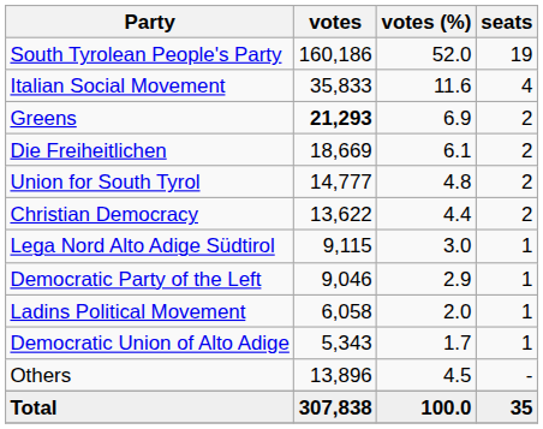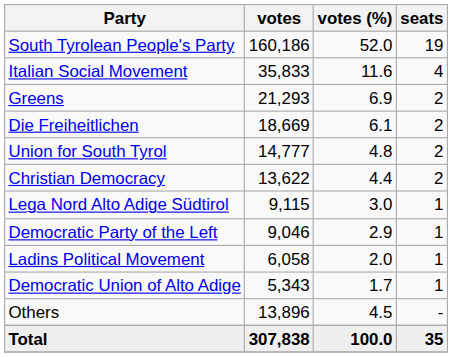 <table class="wikitable" style="font-size:95%">
 <tr bgcolor="EFEFEF">
 <th>Party</th>
 <th>votes</th>
 <th>votes (%)</th>
 <th>seats</th>
 </tr>
 <tr>
 <td><a href='#'>South Tyrolean People's Party</a></td>
 <td align=right>160,186</td>
 <td align=right>52.0</td>
 <td align=right>19</td>
 </tr>
 <tr>
 <td><a href='#'>Italian Social Movement</a></td>
 <td align=right>35,833</td>
 <td align=right>11.6</td>
 <td align=right>4</td>
 </tr>
 <tr>
 <td><a href='#'>Greens</a></td>
-<td align=right><strong>21,293</strong></td>
+<td align=right>21,293</td>
 <td align=right>6.9</td>
 <td align=right>2</td>
 </tr>
 <tr>
 <td><a href='#'>Die Freiheitlichen</a></td>
 <td align=right>18,669</td>
 <td align=right>6.1</td>
 <td align=right>2</td>
 </tr>
 <tr>
 <td><a href='#'>Union for South Tyrol</a></td>
 <td align=right>14,777</td>
 <td align=right>4.8</td>
 <td align=right>2</td>
 </tr>
 <tr>
 <td><a href='#'>Christian Democracy</a></td>
 <td align=right>13,622</td>
 <td align=right>4.4</td>
 <td align=right>2</td>
 </tr>
 <tr>
 <td><a href='#'>Lega Nord Alto Adige Südtirol</a></td>
 <td align=right>9,115</td>
 <td align=right>3.0</td>
 <td align=right>1</td>
 </tr>
 <tr>
 <td><a href='#'>Democratic Party of the Left</a></td>
 <td align=right>9,046</td>
 <td align=right>2.9</td>
 <td align=right>1</td>
 </tr>
 <tr>
 <td><a href='#'>Ladins Political Movement</a></td>
 <td align=right>6,058</td>
 <td align=right>2.0</td>
 <td align=right>1</td>
 </tr>
 <tr>
 <td><a href='#'>Democratic Union of Alto Adige</a></td>
 <td align=right>5,343</td>
 <td align=right>1.7</td>
 <td align=right>1</td>
 </tr>
 <tr>
 <td>Others</td>
 <td align=right>13,896</td>
 <td align=right>4.5</td>
 <td align=right>-</td>
 </tr>
 <tr>
 </tr>
 <tr bgcolor="EFEFEF">
 <td><strong>Total</strong></td>
 <td align=right><strong>307,838</strong></td>
 <td align=right><strong>100.0</strong></td>
 <td align=right><strong>35</strong></td>
 </tr>
 <tr>
 </tr>
 </table>
